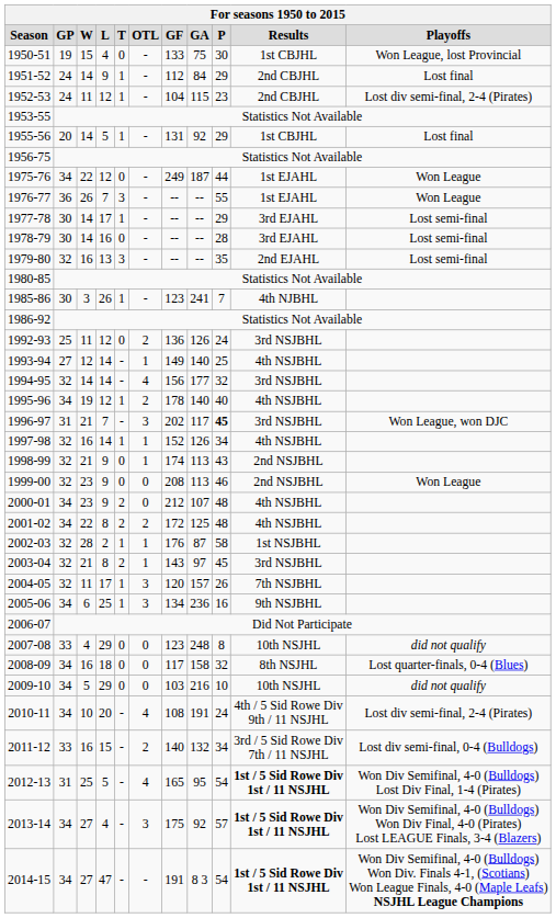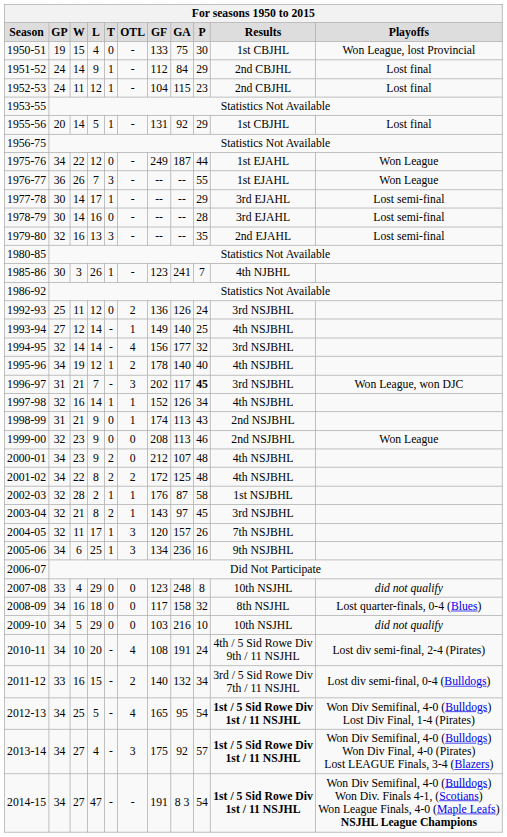 <table class="wikitable collapsible collapsed" style="text-align:center;">
 <tr>
 <th colspan=12 bgcolor=red style text_color=white>For seasons 1950 to 2015</th>
 </tr>
 <tr align="center"  bgcolor="#dddddd">
 <td><strong>Season</strong></td>
 <td><strong>GP</strong></td>
 <td><strong>W</strong></td>
 <td><strong>L</strong></td>
 <td><strong>T</strong></td>
 <td><strong>OTL</strong></td>
 <td><strong>GF</strong></td>
 <td><strong>GA</strong></td>
 <td><strong>P</strong></td>
 <td><strong>Results</strong></td>
 <td><strong>Playoffs</strong></td>
 </tr>
 <tr align="center">
 <td>1950-51</td>
 <td>19</td>
 <td>15</td>
 <td>4</td>
 <td>0</td>
 <td>-</td>
 <td>133</td>
 <td>75</td>
 <td>30</td>
 <td>1st CBJHL</td>
 <td>Won League, lost Provincial</td>
 </tr>
 <tr align="center">
 <td>1951-52</td>
 <td>24</td>
 <td>14</td>
 <td>9</td>
 <td>1</td>
 <td>-</td>
 <td>112</td>
 <td>84</td>
 <td>29</td>
 <td>2nd CBJHL</td>
 <td>Lost final</td>
 </tr>
 <tr align="center">
 <td>1952-53</td>
 <td>24</td>
 <td>11</td>
 <td>12</td>
 <td>1</td>
 <td>-</td>
 <td>104</td>
 <td>115</td>
 <td>23</td>
 <td>2nd CBJHL</td>
-<td>Lost div semi-final, 2-4 (Pirates)</td>
+<td>Lost final</td>
 </tr>
 <tr align="center">
 <td>1953-55</td>
 <td colspan="11">Statistics Not Available</td>
 </tr>
 <tr align="center">
 <td>1955-56</td>
 <td>20</td>
 <td>14</td>
 <td>5</td>
 <td>1</td>
 <td>-</td>
 <td>131</td>
 <td>92</td>
 <td>29</td>
 <td>1st CBJHL</td>
 <td>Lost final</td>
 </tr>
 <tr align="center">
 <td>1956-75</td>
 <td colspan="11">Statistics Not Available</td>
 </tr>
 <tr align="center">
 <td>1975-76</td>
 <td>34</td>
 <td>22</td>
 <td>12</td>
 <td>0</td>
 <td>-</td>
 <td>249</td>
 <td>187</td>
 <td>44</td>
 <td>1st EJAHL</td>
 <td>Won League</td>
 </tr>
 <tr align="center">
 <td>1976-77</td>
 <td>36</td>
 <td>26</td>
 <td>7</td>
 <td>3</td>
 <td>-</td>
 <td>--</td>
 <td>--</td>
 <td>55</td>
 <td>1st EJAHL</td>
 <td>Won League</td>
 </tr>
 <tr align="center">
 <td>1977-78</td>
 <td>30</td>
 <td>14</td>
 <td>17</td>
 <td>1</td>
 <td>-</td>
 <td>--</td>
 <td>--</td>
 <td>29</td>
 <td>3rd EJAHL</td>
 <td>Lost semi-final</td>
 </tr>
 <tr align="center">
 <td>1978-79</td>
 <td>30</td>
 <td>14</td>
 <td>16</td>
 <td>0</td>
 <td>-</td>
 <td>--</td>
 <td>--</td>
 <td>28</td>
 <td>3rd EJAHL</td>
 <td>Lost semi-final</td>
 </tr>
 <tr align="center">
 <td>1979-80</td>
 <td>32</td>
 <td>16</td>
 <td>13</td>
 <td>3</td>
 <td>-</td>
 <td>--</td>
 <td>--</td>
 <td>35</td>
 <td>2nd EJAHL</td>
 <td>Lost semi-final</td>
 </tr>
 <tr align="center">
 <td>1980-85</td>
 <td colspan="11">Statistics Not Available</td>
 </tr>
 <tr align="center">
 <td>1985-86</td>
 <td>30</td>
 <td>3</td>
 <td>26</td>
 <td>1</td>
 <td>-</td>
 <td>123</td>
 <td>241</td>
 <td>7</td>
 <td>4th NJBHL</td>
 <td></td>
 </tr>
 <tr align="center">
 <td>1986-92</td>
 <td colspan="11">Statistics Not Available</td>
 </tr>
 <tr align="center">
 <td>1992-93</td>
 <td>25</td>
 <td>11</td>
 <td>12</td>
 <td>0</td>
 <td>2</td>
 <td>136</td>
 <td>126</td>
 <td>24</td>
 <td>3rd NSJBHL</td>
 <td></td>
 </tr>
 <tr align="center">
 <td>1993-94</td>
 <td>27</td>
 <td>12</td>
 <td>14</td>
 <td>-</td>
 <td>1</td>
 <td>149</td>
 <td>140</td>
 <td>25</td>
 <td>4th NSJBHL</td>
 <td></td>
 </tr>
 <tr align="center">
 <td>1994-95</td>
 <td>32</td>
 <td>14</td>
 <td>14</td>
 <td>-</td>
 <td>4</td>
 <td>156</td>
 <td>177</td>
 <td>32</td>
 <td>3rd NSJBHL</td>
 <td></td>
 </tr>
 <tr align="center">
 <td>1995-96</td>
 <td>34</td>
 <td>19</td>
 <td>12</td>
 <td>1</td>
 <td>2</td>
 <td>178</td>
 <td>140</td>
 <td>40</td>
 <td>4th NSJBHL</td>
 <td></td>
 </tr>
 <tr align="center">
 <td>1996-97</td>
 <td>31</td>
 <td>21</td>
 <td>7</td>
 <td>-</td>
 <td>3</td>
 <td>202</td>
 <td>117</td>
 <td><strong>45</strong></td>
 <td>3rd NSJBHL</td>
 <td>Won League, won DJC</td>
 </tr>
 <tr align="center">
 <td>1997-98</td>
 <td>32</td>
 <td>16</td>
 <td>14</td>
 <td>1</td>
 <td>1</td>
 <td>152</td>
 <td>126</td>
 <td>34</td>
 <td>4th NSJBHL</td>
 <td></td>
 </tr>
 <tr align="center">
 <td>1998-99</td>
-<td>32</td>
+<td>31</td>
 <td>21</td>
 <td>9</td>
 <td>0</td>
 <td>1</td>
 <td>174</td>
 <td>113</td>
 <td>43</td>
 <td>2nd NSJBHL</td>
 <td></td>
 </tr>
 <tr align="center">
 <td>1999-00</td>
 <td>32</td>
 <td>23</td>
 <td>9</td>
 <td>0</td>
 <td>0</td>
 <td>208</td>
 <td>113</td>
 <td>46</td>
 <td>2nd NSJBHL</td>
 <td>Won League</td>
 </tr>
 <tr align="center">
 <td>2000-01</td>
 <td>34</td>
 <td>23</td>
 <td>9</td>
 <td>2</td>
 <td>0</td>
 <td>212</td>
 <td>107</td>
 <td>48</td>
 <td>4th NSJBHL</td>
 <td></td>
 </tr>
 <tr align="center">
 <td>2001-02</td>
 <td>34</td>
 <td>22</td>
 <td>8</td>
 <td>2</td>
 <td>2</td>
 <td>172</td>
 <td>125</td>
 <td>48</td>
 <td>4th NSJBHL</td>
 <td></td>
 </tr>
 <tr align="center">
 <td>2002-03</td>
 <td>32</td>
 <td>28</td>
 <td>2</td>
 <td>1</td>
 <td>1</td>
 <td>176</td>
 <td>87</td>
 <td>58</td>
 <td>1st NSJBHL</td>
 <td></td>
 </tr>
 <tr align="center">
 <td>2003-04</td>
 <td>32</td>
 <td>21</td>
 <td>8</td>
 <td>2</td>
 <td>1</td>
 <td>143</td>
 <td>97</td>
 <td>45</td>
 <td>3rd NSJBHL</td>
 <td></td>
 </tr>
 <tr align="center">
 <td>2004-05</td>
 <td>32</td>
 <td>11</td>
 <td>17</td>
 <td>1</td>
 <td>3</td>
 <td>120</td>
 <td>157</td>
 <td>26</td>
 <td>7th NSJBHL</td>
 <td></td>
 </tr>
 <tr align="center">
 <td>2005-06</td>
 <td>34</td>
 <td>6</td>
 <td>25</td>
 <td>1</td>
 <td>3</td>
 <td>134</td>
 <td>236</td>
 <td>16</td>
 <td>9th NSJBHL</td>
 <td></td>
 </tr>
 <tr align="center">
 <td>2006-07</td>
 <td colspan="11">Did Not Participate</td>
 </tr>
 <tr align="center">
 <td>2007-08</td>
 <td>33</td>
 <td>4</td>
 <td>29</td>
 <td>0</td>
 <td>0</td>
 <td>123</td>
 <td>248</td>
 <td>8</td>
 <td>10th NSJHL</td>
 <td><em>did not qualify</em></td>
 </tr>
 <tr align="center">
 <td>2008-09</td>
 <td>34</td>
 <td>16</td>
 <td>18</td>
 <td>0</td>
 <td>0</td>
 <td>117</td>
 <td>158</td>
 <td>32</td>
 <td>8th NSJHL</td>
 <td>Lost quarter-finals, 0-4 (<a href='#'>Blues</a>)</td>
 </tr>
 <tr align="center">
 <td>2009-10</td>
 <td>34</td>
 <td>5</td>
 <td>29</td>
 <td>0</td>
 <td>0</td>
 <td>103</td>
 <td>216</td>
 <td>10</td>
 <td>10th NSJHL</td>
 <td><em>did not qualify</em></td>
 </tr>
 <tr align="center">
 <td>2010-11</td>
 <td>34</td>
 <td>10</td>
 <td>20</td>
 <td>-</td>
 <td>4</td>
 <td>108</td>
 <td>191</td>
 <td>24</td>
 <td>4th / 5 Sid Rowe Div<br>9th / 11 NSJHL</td>
 <td>Lost div semi-final, 2-4 (Pirates)</td>
 </tr>
 <tr align="center">
 <td>2011-12</td>
 <td>33</td>
 <td>16</td>
 <td>15</td>
 <td>-</td>
 <td>2</td>
 <td>140</td>
 <td>132</td>
 <td>34</td>
 <td>3rd / 5 Sid Rowe Div<br>7th / 11 NSJHL</td>
 <td>Lost div semi-final, 0-4 (<a href='#'>Bulldogs</a>)</td>
 </tr>
 <tr align="center">
 <td>2012-13</td>
-<td>31</td>
+<td>34</td>
 <td>25</td>
 <td>5</td>
 <td>-</td>
 <td>4</td>
 <td>165</td>
 <td>95</td>
 <td>54</td>
 <td><strong>1st / 5 Sid Rowe Div</strong><br><strong>1st / 11 NSJHL</strong></td>
 <td>Won Div Semifinal, 4-0 (<a href='#'>Bulldogs</a>)<br>Lost Div Final, 1-4 (Pirates)</td>
 </tr>
 <tr align="center">
 <td>2013-14</td>
 <td>34</td>
 <td>27</td>
 <td>4</td>
 <td>-</td>
 <td>3</td>
 <td>175</td>
 <td>92</td>
 <td>57</td>
 <td><strong>1st / 5 Sid Rowe Div</strong><br><strong>1st / 11 NSJHL</strong></td>
 <td>Won Div Semifinal, 4-0 (<a href='#'>Bulldogs</a>)<br>Won Div Final, 4-0 (Pirates)<br>Lost LEAGUE Finals, 3-4 (<a href='#'>Blazers</a>)</td>
 </tr>
 <tr align="center">
 <td>2014-15</td>
 <td>34</td>
 <td>27</td>
 <td>47</td>
 <td>-</td>
 <td>-</td>
 <td>191</td>
 <td>8 3</td>
 <td>54</td>
 <td><strong>1st / 5 Sid Rowe Div</strong><br><strong>1st / 11 NSJHL</strong></td>
 <td>Won Div Semifinal, 4-0 (<a href='#'>Bulldogs</a>)<br>Won Div. Finals 4-1, (<a href='#'>Scotians</a>)<br>Won League Finals, 4-0 (<a href='#'>Maple Leafs</a>)<br><strong>NSJHL League Champions</strong></td>
 </tr>
 </table>
